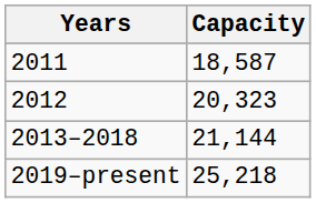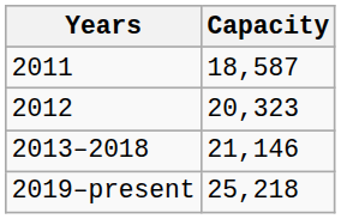 <table class="wikitable">
 <tr>
 <th>Years</th>
 <th>Capacity</th>
 </tr>
 <tr>
 <td>2011</td>
 <td>18,587</td>
 </tr>
 <tr>
 <td>2012</td>
 <td>20,323</td>
 </tr>
 <tr>
 <td>2013–2018</td>
-<td>21,144</td>
+<td>21,146</td>
 </tr>
 <tr>
 <td>2019–present</td>
 <td>25,218</td>
 </tr>
 </table>
